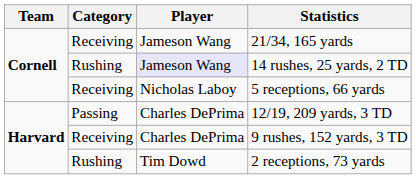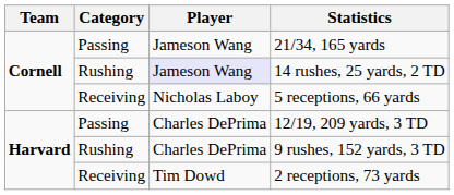 <table class="wikitable" style="float: right;">
 <tr>
 <th>Team</th>
 <th>Category</th>
 <th>Player</th>
 <th>Statistics</th>
 </tr>
 <tr>
 <td rowspan=3><strong>Cornell</strong></td>
-<td>Receiving</td>
+<td>Passing</td>
 <td>Jameson Wang</td>
 <td>21/34, 165 yards</td>
 </tr>
 <tr>
 <td>Rushing</td>
 <td style="background: lavender;">Jameson Wang</td>
 <td>14 rushes, 25 yards, 2 TD</td>
 </tr>
 <tr>
 <td>Receiving</td>
 <td>Nicholas Laboy</td>
 <td>5 receptions, 66 yards</td>
 </tr>
 <tr>
 <td rowspan=3><strong>Harvard</strong></td>
 <td>Passing</td>
 <td>Charles DePrima</td>
 <td>12/19, 209 yards, 3 TD</td>
 </tr>
 <tr>
-<td>Receiving</td>
+<td>Rushing</td>
 <td>Charles DePrima</td>
 <td>9 rushes, 152 yards, 3 TD</td>
 </tr>
 <tr>
-<td>Rushing</td>
+<td>Receiving</td>
 <td>Tim Dowd</td>
 <td>2 receptions, 73 yards</td>
 </tr>
 </table>
